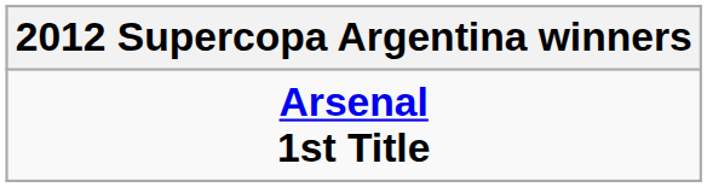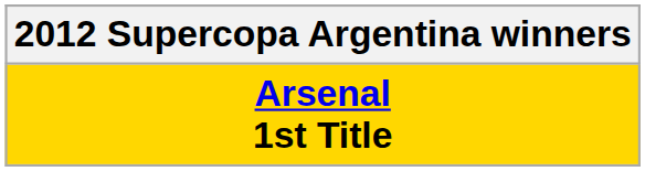 <table class="wikitable" style="text-align: center; margin: 0 auto;">
 <tr>
 <th>2012 Supercopa Argentina winners</th>
 </tr>
 <tr>
-<td><strong><a href='#'>Arsenal</a></strong><br><strong>1st Title</strong></td>
+<td style="background: gold;"><strong><a href='#'>Arsenal</a></strong><br><strong>1st Title</strong></td>
 </tr>
 </table>
